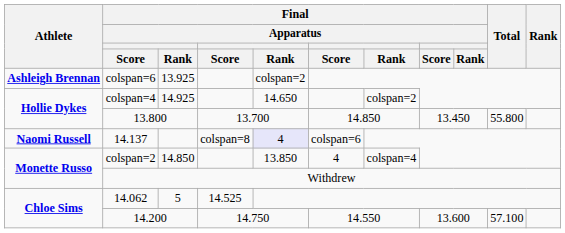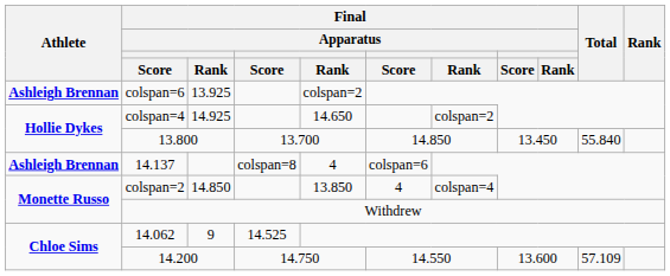 <table class="wikitable" style="font-size:90%;text-align:center">
 <tr>
 <th Rowspan=4>Athlete</th>
 <th colspan=8>Final</th>
 <th rowspan=4>Total</th>
 <th rowspan=4>Rank</th>
 </tr>
 <tr style="font-size:95%">
 <th colspan = "8">Apparatus</th>
 </tr>
 <tr style="font-size:95%">
 <th colspan=2></th>
 <th colspan=2></th>
 <th colspan=2></th>
 <th colspan=2></th>
 </tr>
 <tr>
 <th>Score</th>
 <th>Rank</th>
 <th>Score</th>
 <th>Rank</th>
 <th>Score</th>
 <th>Rank</th>
 <th>Score</th>
 <th>Rank</th>
 </tr>
 <tr>
 <td><strong><a href='#'>Ashleigh Brennan</a></strong></td>
 <td>colspan=6 </td>
 <td>13.925</td>
 <td></td>
 <td>colspan=2 </td>
 </tr>
 <tr>
 <td rowspan=2><strong><a href='#'>Hollie Dykes</a></strong></td>
 <td>colspan=4 </td>
 <td>14.925</td>
 <td></td>
 <td>14.650</td>
 <td></td>
 <td>colspan=2 </td>
 </tr>
 <tr>
 <td colspan=2>13.800</td>
 <td colspan=2>13.700</td>
 <td colspan=2>14.850</td>
 <td colspan=2>13.450</td>
-<td>55.800</td>
+<td>55.840</td>
 <td></td>
 </tr>
 <tr>
-<td><strong><a href='#'>Naomi Russell</a></strong></td>
+<td><strong><a href='#'>Ashleigh Brennan</a></strong></td>
 <td>14.137</td>
 <td></td>
 <td>colspan=8 </td>
-<td style="background: lavender;">4</td>
+<td>4</td>
 <td>colspan=6 </td>
 </tr>
 <tr>
 <td rowspan=2><strong><a href='#'>Monette Russo</a></strong></td>
 <td>colspan=2 </td>
 <td>14.850</td>
 <td></td>
 <td>13.850</td>
 <td>4</td>
 <td>colspan=4 </td>
 </tr>
 <tr>
 <td colspan=10>Withdrew</td>
 </tr>
 <tr>
 <td rowspan=2><strong><a href='#'>Chloe Sims</a></strong></td>
 <td>14.062</td>
-<td>5</td>
+<td>9</td>
 <td>14.525</td>
 </tr>
 <tr>
 <td colspan=2>14.200</td>
 <td colspan=2>14.750</td>
 <td colspan=2>14.550</td>
 <td colspan=2>13.600</td>
-<td>57.100</td>
+<td>57.109</td>
 <td></td>
 </tr>
 </table>
